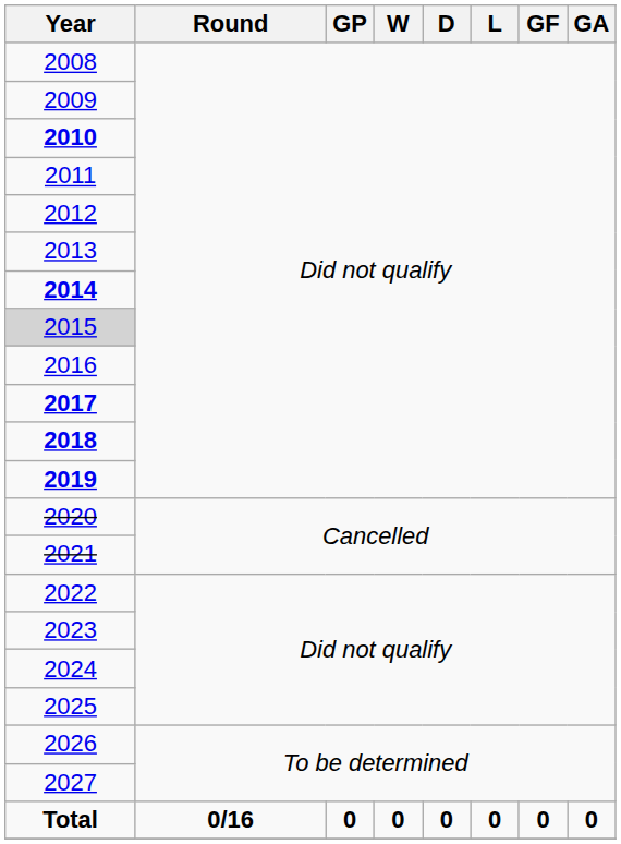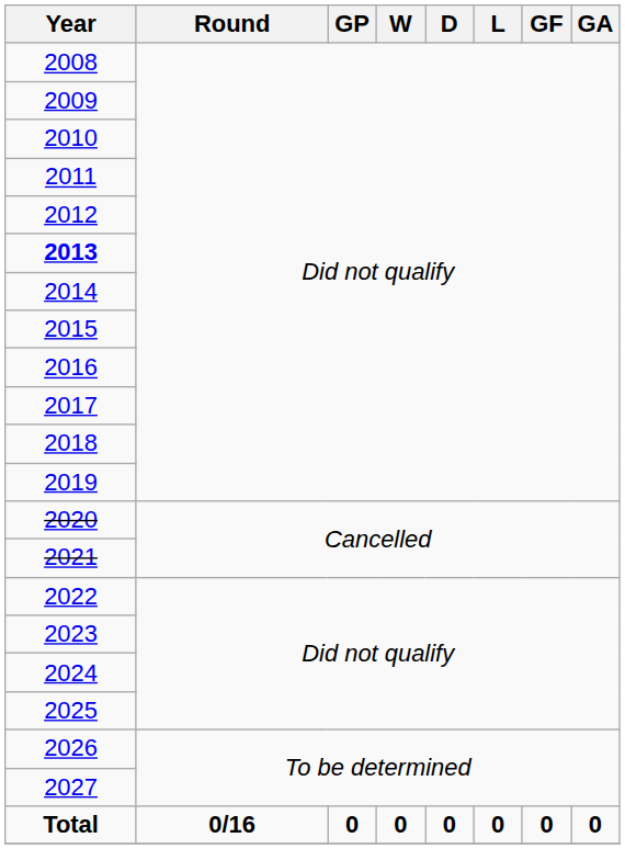 <table class="wikitable" style="text-align: center;">
 <tr>
 <th width=80>Year</th>
 <th width=120>Round</th>
 <th width=25>GP</th>
 <th width=25>W</th>
 <th width=25>D</th>
 <th width=25>L</th>
 <th width=25>GF</th>
 <th width=25>GA</th>
 </tr>
 <tr>
 <td> <a href='#'>2008</a></td>
 <td colspan=8 rowspan=12><em>Did not qualify</em></td>
 </tr>
 <tr>
 <td> <a href='#'>2009</a></td>
 </tr>
 <tr>
-<td><strong> <a href='#'>2010</a></strong></td>
+<td> <a href='#'>2010</a></td>
 </tr>
 <tr>
 <td> <a href='#'>2011</a></td>
 </tr>
 <tr>
 <td> <a href='#'>2012</a></td>
 </tr>
 <tr>
-<td> <a href='#'>2013</a></td>
+<td><strong> <a href='#'>2013</a></strong></td>
 </tr>
 <tr>
-<td><strong> <a href='#'>2014</a></strong></td>
+<td> <a href='#'>2014</a></td>
 </tr>
 <tr>
-<td style="background: lightgrey;"> <a href='#'>2015</a></td>
+<td> <a href='#'>2015</a></td>
 </tr>
 <tr>
 <td> <a href='#'>2016</a></td>
 </tr>
 <tr>
-<td><strong> <a href='#'>2017</a></strong></td>
+<td> <a href='#'>2017</a></td>
 </tr>
 <tr>
-<td><strong> <a href='#'>2018</a></strong></td>
+<td> <a href='#'>2018</a></td>
 </tr>
 <tr>
-<td><strong> <a href='#'>2019</a></strong></td>
+<td> <a href='#'>2019</a></td>
 </tr>
 <tr>
 <td> <s><a href='#'>2020</a></s></td>
 <td colspan=8 rowspan=2><em>Cancelled</em></td>
 </tr>
 <tr>
 <td> <s><a href='#'>2021</a></s></td>
 </tr>
 <tr>
 <td> <a href='#'>2022</a></td>
 <td colspan=8 rowspan=4><em>Did not qualify</em></td>
 </tr>
 <tr>
 <td> <a href='#'>2023</a></td>
 </tr>
 <tr>
 <td> <a href='#'>2024</a></td>
 </tr>
 <tr>
 <td> <a href='#'>2025</a></td>
 </tr>
 <tr>
 <td> <a href='#'>2026</a></td>
 <td colspan=8 rowspan=2><em>To be determined</em></td>
 </tr>
 <tr>
 <td> <a href='#'>2027</a></td>
 </tr>
 <tr>
 <td><strong>Total</strong></td>
 <td><strong>0/16</strong></td>
 <td><strong>0</strong></td>
 <td><strong>0</strong></td>
 <td><strong>0</strong></td>
 <td><strong>0</strong></td>
 <td><strong>0</strong></td>
 <td><strong>0</strong></td>
 </tr>
 <tr>
 </tr>
 </table>
